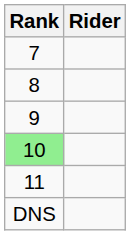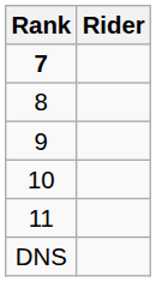 <table class="wikitable" style="font-size:95%" style="width:25em;">
 <tr>
 <th>Rank</th>
 <th>Rider</th>
 </tr>
 <tr>
-<td align=center>7</td>
+<td align=center><strong>7</strong></td>
 <td></td>
 </tr>
 <tr>
 <td align=center>8</td>
 <td></td>
 </tr>
 <tr>
 <td align=center>9</td>
 <td></td>
 </tr>
 <tr>
-<td align=center style="background: lightgreen;">10</td>
+<td align=center>10</td>
 <td></td>
 </tr>
 <tr>
 <td align=center>11</td>
 <td></td>
 </tr>
 <tr>
 <td align=center>DNS</td>
 <td></td>
 </tr>
 </table>
